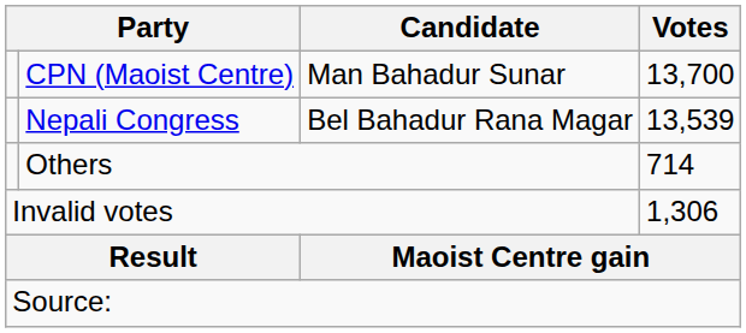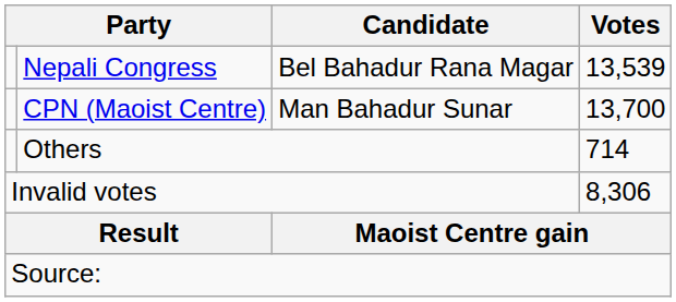 <table class="wikitable">
 <tr>
 <th colspan="2">Party</th>
 <th>Candidate</th>
 <th>Votes</th>
 </tr>
 <tr>
 <td style="background-color:"></td>
+<td><a href='#'>Nepali Congress</a></td>
+<td>Bel Bahadur Rana Magar</td>
+<td>13,539</td>
+</tr>
+<tr>
+<td style="background-color:"></td>
 <td><a href='#'>CPN (Maoist Centre)</a></td>
 <td>Man Bahadur Sunar</td>
 <td>13,700</td>
-</tr>
-<tr>
-<td style="background-color:"></td>
-<td><a href='#'>Nepali Congress</a></td>
-<td>Bel Bahadur Rana Magar</td>
-<td>13,539</td>
 </tr>
 <tr>
 <td></td>
 <td colspan="2">Others</td>
 <td>714</td>
 </tr>
 <tr>
 <td colspan="3">Invalid votes</td>
-<td>1,306</td>
+<td>8,306</td>
 </tr>
 <tr>
 <th colspan="2">Result</th>
 <th colspan="2">Maoist Centre gain</th>
 </tr>
 <tr>
 <td colspan="4">Source: </td>
 </tr>
 </table>
